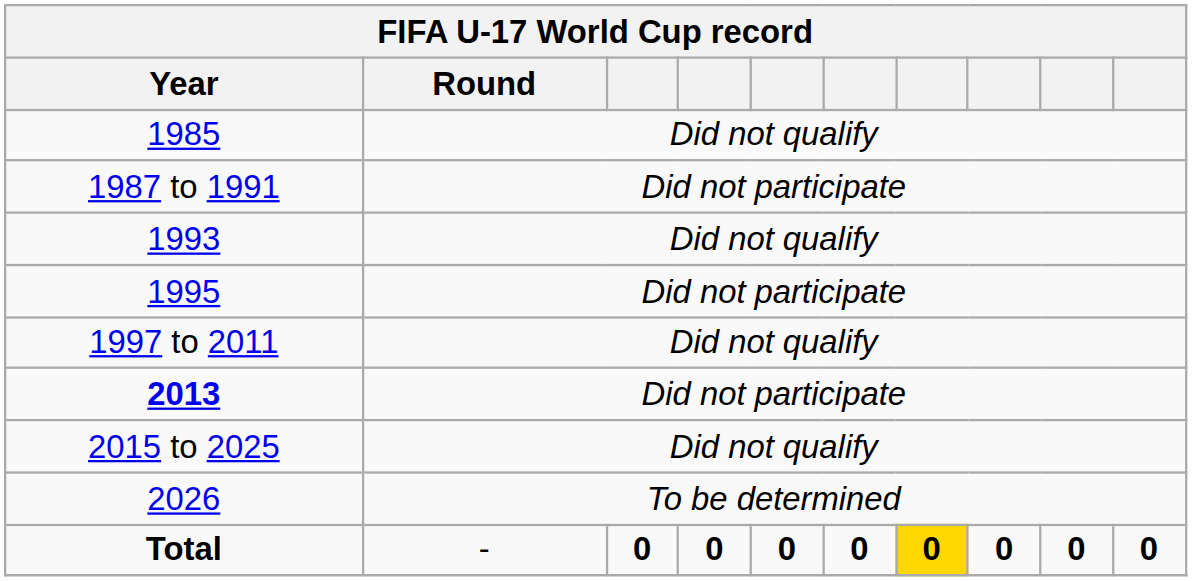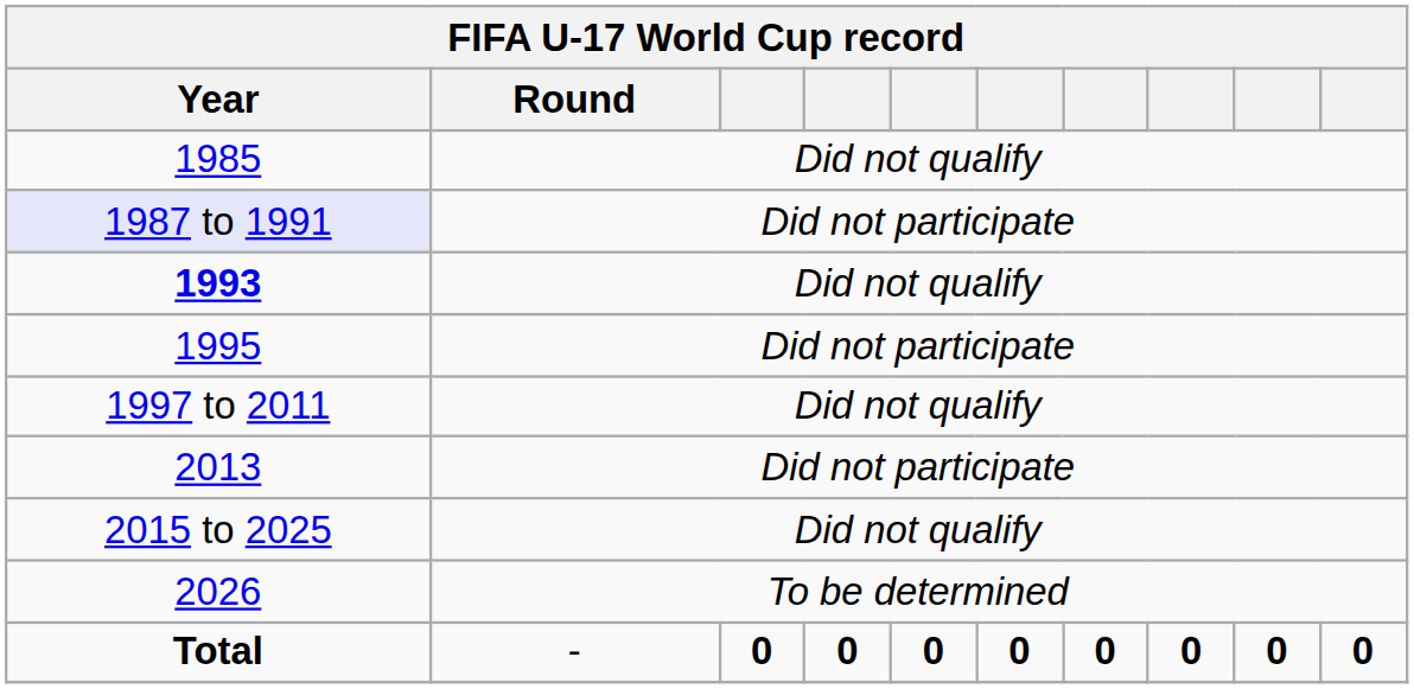 <table class="wikitable" style="text-align: center; font-size: 90%;">
 <tr>
 <th colspan=10>FIFA U-17 World Cup record</th>
 </tr>
 <tr>
 <th width=150>Year</th>
 <th width=100>Round</th>
 <th width=25></th>
 <th width=25></th>
 <th width=25></th>
 <th width=25></th>
 <th width=25></th>
 <th width=25></th>
 <th width=25></th>
 <th width=25></th>
 </tr>
 <tr>
 <td> <a href='#'>1985</a></td>
 <td colspan=10><em>Did not qualify</em></td>
 </tr>
 <tr>
-<td> <a href='#'>1987</a> to  <a href='#'>1991</a></td>
+<td style="background: lavender;"> <a href='#'>1987</a> to  <a href='#'>1991</a></td>
 <td colspan=10><em>Did not participate</em></td>
 </tr>
 <tr>
-<td> <a href='#'>1993</a></td>
+<td><strong> <a href='#'>1993</a></strong></td>
 <td colspan=10><em>Did not qualify</em></td>
 </tr>
 <tr>
 <td> <a href='#'>1995</a></td>
 <td colspan=10><em>Did not participate</em></td>
 </tr>
 <tr>
 <td> <a href='#'>1997</a> to  <a href='#'>2011</a></td>
 <td colspan=10><em>Did not qualify</em></td>
 </tr>
 <tr>
-<td><strong> <a href='#'>2013</a></strong></td>
+<td> <a href='#'>2013</a></td>
 <td colspan=10><em>Did not participate</em></td>
 </tr>
 <tr>
 <td> <a href='#'>2015</a> to  <a href='#'>2025</a></td>
 <td colspan=10><em>Did not qualify</em></td>
 </tr>
 <tr>
 <td> <a href='#'>2026</a></td>
 <td colspan=10><em>To be determined</em></td>
 </tr>
 <tr>
 <td><strong>Total</strong></td>
 <td>-</td>
 <td><strong>0</strong></td>
 <td><strong>0</strong></td>
 <td><strong>0</strong></td>
 <td><strong>0</strong></td>
-<td style="background: gold;"><strong>0</strong></td>
+<td><strong>0</strong></td>
 <td><strong>0</strong></td>
 <td><strong>0</strong></td>
 <td><strong>0</strong></td>
 </tr>
 <tr>
 </tr>
 </table>
